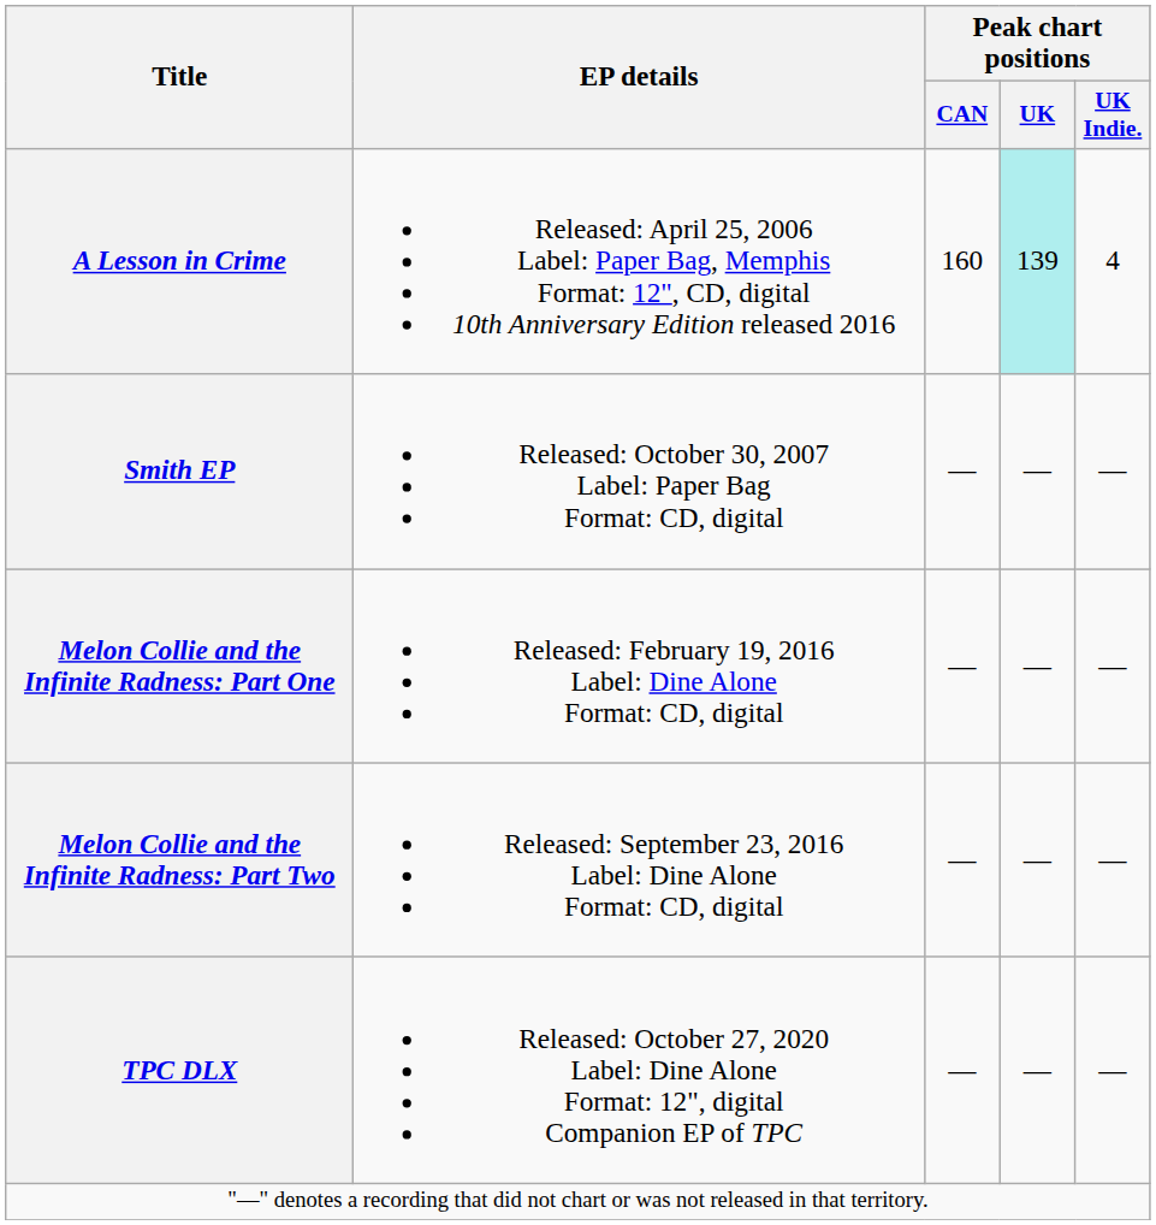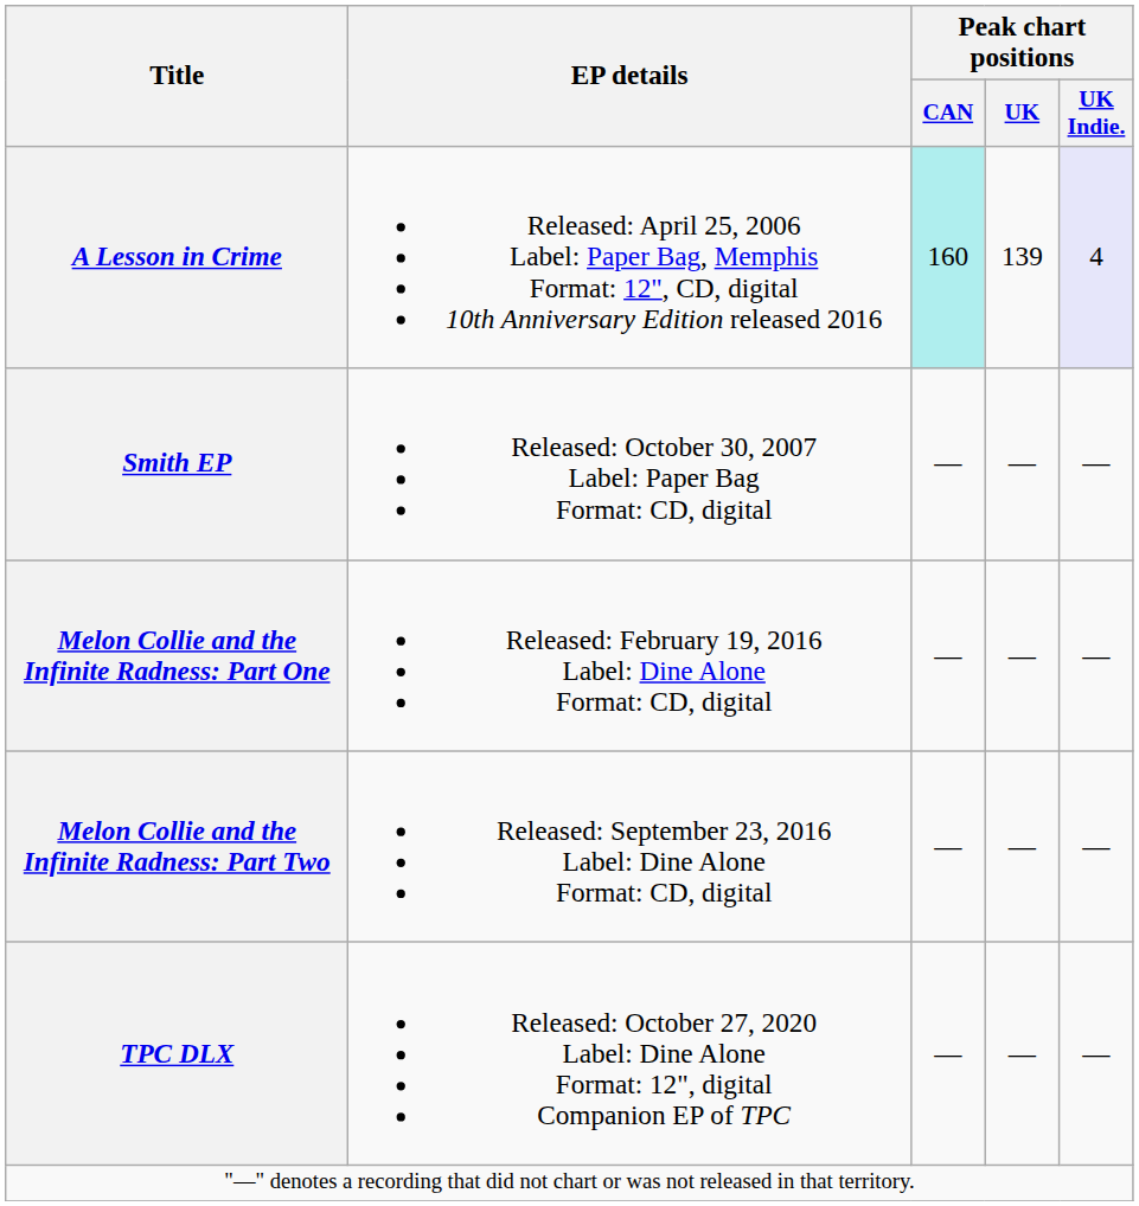 <table class="wikitable plainrowheaders" style="text-align:center;">
 <tr>
 <th scope="col" rowspan="2" style="width:12em;">Title</th>
 <th scope="col" rowspan="2" style="width:20em;">EP details</th>
 <th scope="col" colspan="3">Peak chart positions</th>
 </tr>
 <tr>
 <th scope="col" style="width:2.7em;font-size:85%;"><a href='#'>CAN</a><br></th>
 <th scope="col" style="width:2.7em;font-size:85%;"><a href='#'>UK</a><br></th>
 <th scope="col" style="width:2.7em;font-size:85%;"><a href='#'>UK<br>Indie.</a><br></th>
 </tr>
 <tr>
 <th scope="row"><em><a href='#'>A Lesson in Crime</a></em></th>
 <td><br><ul><li>Released: April 25, 2006</li><li>Label: <a href='#'>Paper Bag</a>, <a href='#'>Memphis</a> </li><li>Format: <a href='#'>12"</a>, CD, digital</li><li><em>10th Anniversary Edition</em> released 2016</li></ul></td>
-<td>160</td>
-<td style="background: paleturquoise;">139</td>
-<td>4</td>
+<td style="background: paleturquoise;">160</td>
+<td>139</td>
+<td style="background: lavender;">4</td>
 </tr>
 <tr>
 <th scope="row"><em><a href='#'>Smith EP</a></em></th>
 <td><br><ul><li>Released: October 30, 2007</li><li>Label: Paper Bag</li><li>Format: CD, digital</li></ul></td>
 <td>—</td>
 <td>—</td>
 <td>—</td>
 </tr>
 <tr>
 <th scope="row"><em><a href='#'>Melon Collie and the Infinite Radness: Part One</a></em></th>
 <td><br><ul><li>Released: February 19, 2016</li><li>Label: <a href='#'>Dine Alone</a></li><li>Format: CD, digital</li></ul></td>
 <td>—</td>
 <td>—</td>
 <td>—</td>
 </tr>
 <tr>
 <th scope="row"><em><a href='#'>Melon Collie and the Infinite Radness: Part Two</a></em></th>
 <td><br><ul><li>Released: September 23, 2016</li><li>Label: Dine Alone</li><li>Format: CD, digital</li></ul></td>
 <td>—</td>
 <td>—</td>
 <td>—</td>
 </tr>
 <tr>
 <th scope="row"><em><a href='#'>TPC DLX</a></em></th>
 <td><br><ul><li>Released: October 27, 2020</li><li>Label: Dine Alone</li><li>Format: 12", digital</li><li>Companion EP of <em>TPC</em></li></ul></td>
 <td>—</td>
 <td>—</td>
 <td>—</td>
 </tr>
 <tr>
 <td colspan="8" style="font-size:80%">"—" denotes a recording that did not chart or was not released in that territory.</td>
 </tr>
 </table>
